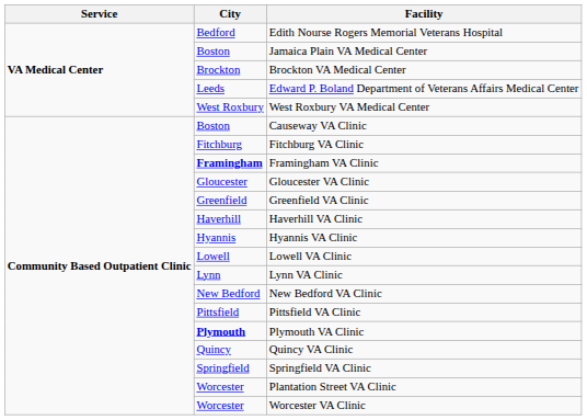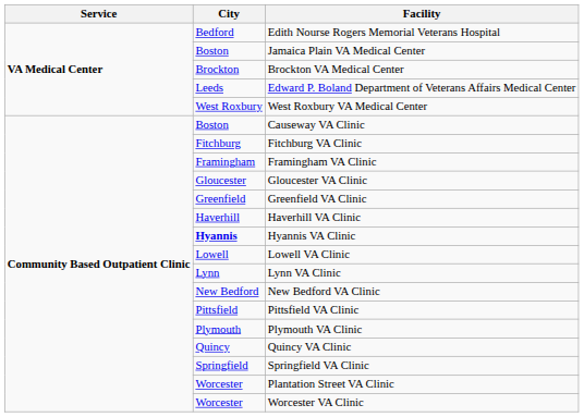 <table class="wikitable">
 <tr>
 <th>Service</th>
 <th>City</th>
 <th>Facility</th>
 </tr>
 <tr>
 <td rowspan=5><strong>VA Medical Center</strong></td>
 <td><a href='#'>Bedford</a></td>
 <td>Edith Nourse Rogers Memorial Veterans Hospital</td>
 </tr>
 <tr>
 <td><a href='#'>Boston</a></td>
 <td>Jamaica Plain VA Medical Center</td>
 </tr>
 <tr>
 <td><a href='#'>Brockton</a></td>
 <td>Brockton VA Medical Center</td>
 </tr>
 <tr>
 <td><a href='#'>Leeds</a></td>
 <td><a href='#'>Edward P. Boland</a> Department of Veterans Affairs Medical Center</td>
 </tr>
 <tr>
 <td><a href='#'>West Roxbury</a></td>
 <td>West Roxbury VA Medical Center</td>
 </tr>
 <tr>
 <td rowspan=16><strong>Community Based Outpatient Clinic</strong></td>
 <td><a href='#'>Boston</a></td>
 <td>Causeway VA Clinic</td>
 </tr>
 <tr>
 <td><a href='#'>Fitchburg</a></td>
 <td>Fitchburg VA Clinic</td>
 </tr>
 <tr>
-<td><strong><a href='#'>Framingham</a></strong></td>
+<td><a href='#'>Framingham</a></td>
 <td>Framingham VA Clinic</td>
 </tr>
 <tr>
 <td><a href='#'>Gloucester</a></td>
 <td>Gloucester VA Clinic</td>
 </tr>
 <tr>
 <td><a href='#'>Greenfield</a></td>
 <td>Greenfield VA Clinic</td>
 </tr>
 <tr>
 <td><a href='#'>Haverhill</a></td>
 <td>Haverhill VA Clinic</td>
 </tr>
 <tr>
-<td><a href='#'>Hyannis</a></td>
+<td><strong><a href='#'>Hyannis</a></strong></td>
 <td>Hyannis VA Clinic</td>
 </tr>
 <tr>
 <td><a href='#'>Lowell</a></td>
 <td>Lowell VA Clinic</td>
 </tr>
 <tr>
 <td><a href='#'>Lynn</a></td>
 <td>Lynn VA Clinic</td>
 </tr>
 <tr>
 <td><a href='#'>New Bedford</a></td>
 <td>New Bedford VA Clinic</td>
 </tr>
 <tr>
 <td><a href='#'>Pittsfield</a></td>
 <td>Pittsfield VA Clinic</td>
 </tr>
 <tr>
-<td><strong><a href='#'>Plymouth</a></strong></td>
+<td><a href='#'>Plymouth</a></td>
 <td>Plymouth VA Clinic</td>
 </tr>
 <tr>
 <td><a href='#'>Quincy</a></td>
 <td>Quincy VA Clinic</td>
 </tr>
 <tr>
 <td><a href='#'>Springfield</a></td>
 <td>Springfield VA Clinic</td>
 </tr>
 <tr>
 <td><a href='#'>Worcester</a></td>
 <td>Plantation Street VA Clinic</td>
 </tr>
 <tr>
 <td><a href='#'>Worcester</a></td>
 <td>Worcester VA Clinic</td>
 </tr>
 </table>
